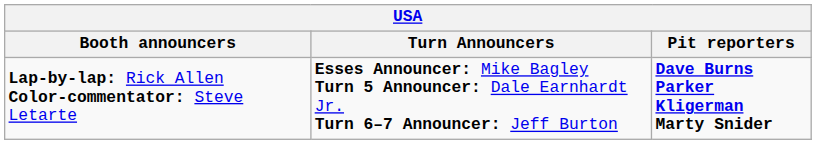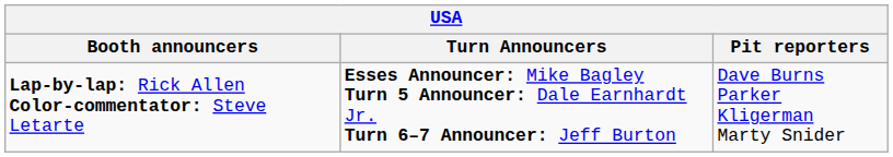 <table class="wikitable" style="font-size: 95%;">
 <tr>
 <th colspan="3"><a href='#'>USA</a></th>
 </tr>
 <tr>
 <th>Booth announcers</th>
 <th>Turn Announcers</th>
 <th>Pit reporters</th>
 </tr>
 <tr>
 <td><strong>Lap-by-lap:</strong> <a href='#'>Rick Allen</a><br><strong>Color-commentator:</strong> <a href='#'>Steve Letarte</a></td>
 <td><strong>Esses Announcer:</strong> <a href='#'>Mike Bagley</a><br><strong>Turn 5 Announcer:</strong> <a href='#'>Dale Earnhardt Jr.</a><br><strong>Turn 6–7 Announcer:</strong> <a href='#'>Jeff Burton</a></td>
-<td><strong><a href='#'>Dave Burns</a><br><a href='#'>Parker Kligerman</a><br>Marty Snider</strong></td>
+<td><a href='#'>Dave Burns</a><br><a href='#'>Parker Kligerman</a><br>Marty Snider</td>
 </tr>
 </table>
